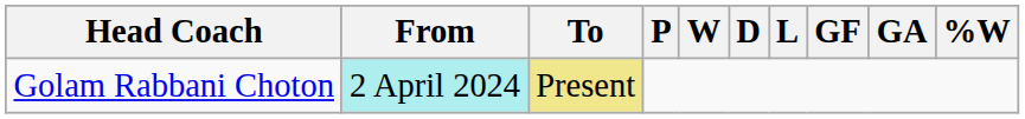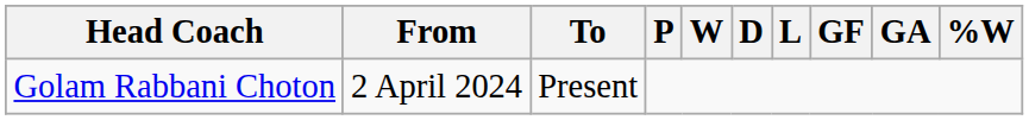 <table class="wikitable sortable" style="text-align:center">
 <tr>
 <th>Head Coach</th>
 <th Class="unsortable">From</th>
 <th Class="unsortable">To</th>
 <th abbr="3">P</th>
 <th abbr="1">W</th>
 <th abbr="1">D</th>
 <th abbr="1">L</th>
 <th abbr="4">GF</th>
 <th abbr="6">GA</th>
 <th abbr="50">%W</th>
 </tr>
 <tr>
 <td align=left> <a href='#'>Golam Rabbani Choton</a></td>
-<td align=left style="background: paleturquoise;">2 April 2024</td>
-<td align=left style="background: khaki;">Present<br></td>
+<td align=left>2 April 2024</td>
+<td align=left>Present<br></td>
 </tr>
 </table>
